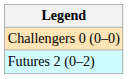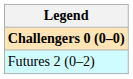 <table class=wikitable style=font-size:97%>
 <tr>
 <th>Legend</th>
 </tr>
 <tr style="background:moccasin;">
-<td>Challengers 0 (0–0)</td>
+<td><strong>Challengers 0 (0–0)</strong></td>
 </tr>
 <tr style="background:#cffcff;">
 <td>Futures 2 (0–2)</td>
 </tr>
 </table>
